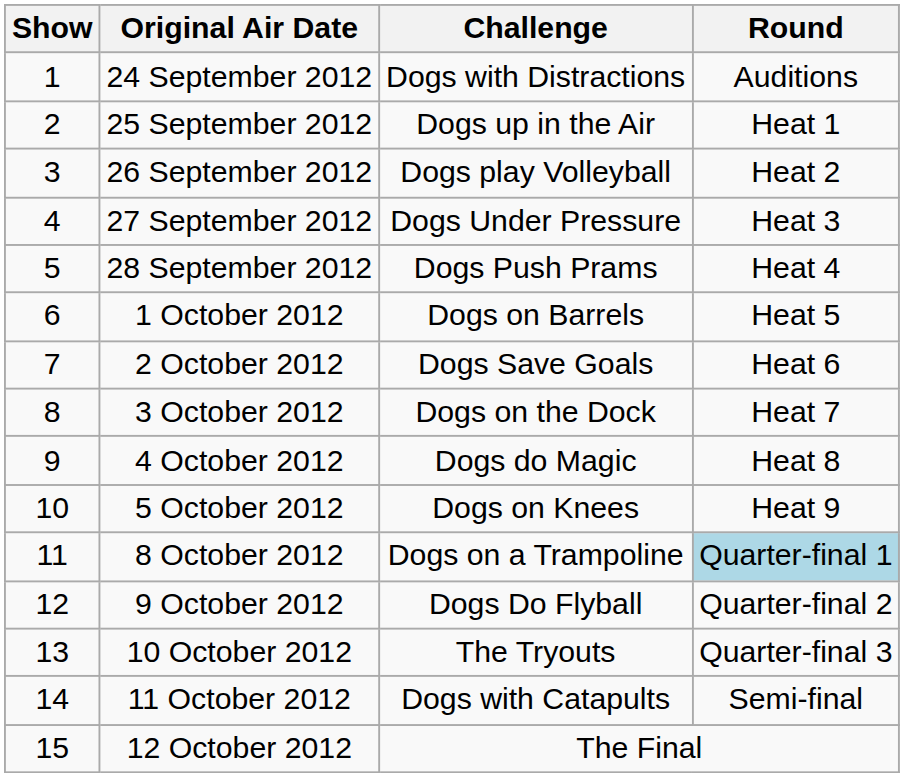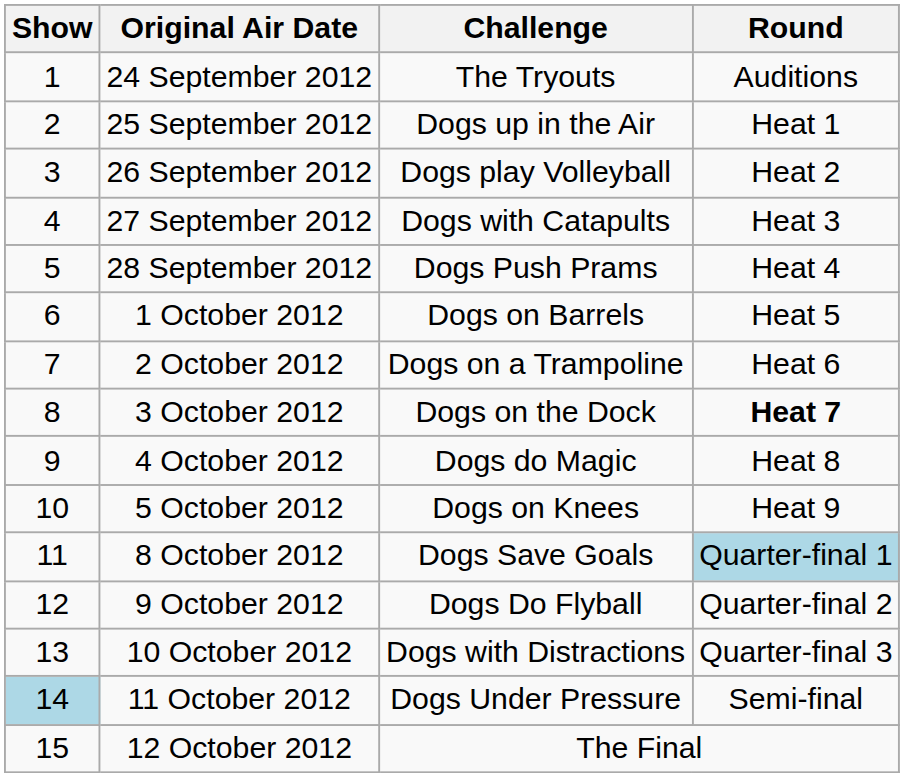 <table class="wikitable"  style="text-align:center;">
 <tr>
 <th>Show</th>
 <th>Original Air Date</th>
 <th>Challenge</th>
 <th>Round</th>
 </tr>
 <tr>
 <td>1</td>
 <td>24 September 2012</td>
-<td>Dogs with Distractions</td>
+<td>The Tryouts</td>
 <td>Auditions</td>
 </tr>
 <tr>
 <td>2</td>
 <td>25 September 2012</td>
 <td>Dogs up in the Air</td>
 <td>Heat 1</td>
 </tr>
 <tr>
 <td>3</td>
 <td>26 September 2012</td>
 <td>Dogs play Volleyball</td>
 <td>Heat 2</td>
 </tr>
 <tr>
 <td>4</td>
 <td>27 September 2012</td>
-<td>Dogs Under Pressure</td>
+<td>Dogs with Catapults</td>
 <td>Heat 3</td>
 </tr>
 <tr>
 <td>5</td>
 <td>28 September 2012</td>
 <td>Dogs Push Prams</td>
 <td>Heat 4</td>
 </tr>
 <tr>
 <td>6</td>
 <td>1 October 2012</td>
 <td>Dogs on Barrels</td>
 <td>Heat 5</td>
 </tr>
 <tr>
 <td>7</td>
 <td>2 October 2012</td>
-<td>Dogs Save Goals</td>
+<td>Dogs on a Trampoline</td>
 <td>Heat 6</td>
 </tr>
 <tr>
 <td>8</td>
 <td>3 October 2012</td>
 <td>Dogs on the Dock</td>
-<td>Heat 7</td>
+<td><strong>Heat 7</strong></td>
 </tr>
 <tr>
 <td>9</td>
 <td>4 October 2012</td>
 <td>Dogs do Magic</td>
 <td>Heat 8</td>
 </tr>
 <tr>
 <td>10</td>
 <td>5 October 2012</td>
 <td>Dogs on Knees</td>
 <td>Heat 9</td>
 </tr>
 <tr>
 <td>11</td>
 <td>8 October 2012</td>
-<td>Dogs on a Trampoline</td>
+<td>Dogs Save Goals</td>
 <td style="background: lightblue;">Quarter-final 1</td>
 </tr>
 <tr>
 <td>12</td>
 <td>9 October 2012</td>
 <td>Dogs Do Flyball</td>
 <td>Quarter-final 2</td>
 </tr>
 <tr>
 <td>13</td>
 <td>10 October 2012</td>
-<td>The Tryouts</td>
+<td>Dogs with Distractions</td>
 <td>Quarter-final 3</td>
 </tr>
 <tr>
-<td>14</td>
+<td style="background: lightblue;">14</td>
 <td>11 October 2012</td>
-<td>Dogs with Catapults</td>
+<td>Dogs Under Pressure</td>
 <td>Semi-final</td>
 </tr>
 <tr>
 <td>15</td>
 <td>12 October 2012</td>
 <td colspan=2>The Final</td>
 </tr>
 </table>
